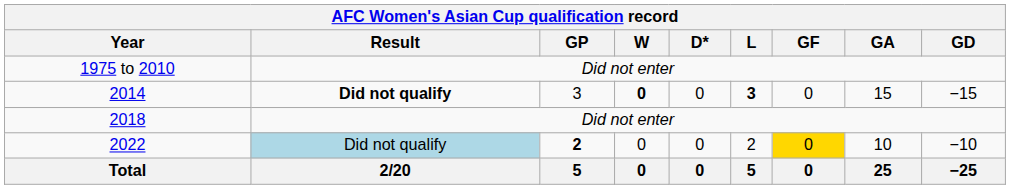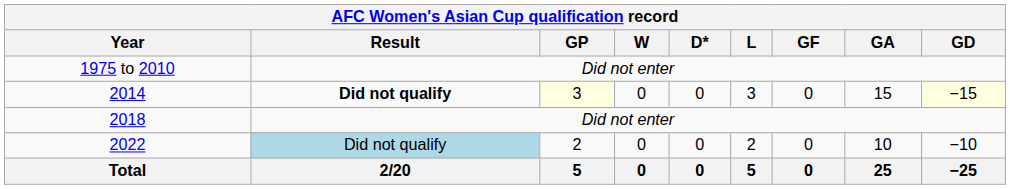 <table class="wikitable" style="text-align: center; width:50%;">
 <tr>
 <th colspan="9"><a href='#'>AFC Women's Asian Cup qualification</a> record</th>
 </tr>
 <tr>
 <th>Year</th>
 <th>Result</th>
 <th>GP</th>
 <th>W</th>
 <th>D*</th>
 <th>L</th>
 <th>GF</th>
 <th>GA</th>
 <th>GD</th>
 </tr>
 <tr>
 <td> <a href='#'>1975</a> to  <a href='#'>2010</a></td>
 <td colspan=8><em>Did not enter</em></td>
 </tr>
 <tr>
 <td> <a href='#'>2014</a></td>
 <td><strong>Did not qualify</strong></td>
+<td style="background: lightyellow;">3</td>
+<td>0</td>
+<td>0</td>
 <td>3</td>
-<td><strong>0</strong></td>
-<td>0</td>
-<td><strong>3</strong></td>
 <td>0</td>
 <td>15</td>
-<td>−15</td>
+<td style="background: lightyellow;">−15</td>
 </tr>
 <tr>
 <td> <a href='#'>2018</a></td>
 <td colspan=8><em>Did not enter</em></td>
 </tr>
 <tr>
 <td> <a href='#'>2022</a></td>
 <td style="background: lightblue;">Did not qualify</td>
-<td><strong>2</strong></td>
+<td>2</td>
 <td>0</td>
 <td>0</td>
 <td>2</td>
-<td style="background: gold;">0</td>
+<td>0</td>
 <td>10</td>
 <td>−10</td>
 </tr>
 <tr>
 <th>Total</th>
 <th>2/20</th>
 <th>5</th>
 <th>0</th>
 <th>0</th>
 <th>5</th>
 <th>0</th>
 <th>25</th>
 <th>−25</th>
 </tr>
 </table>
